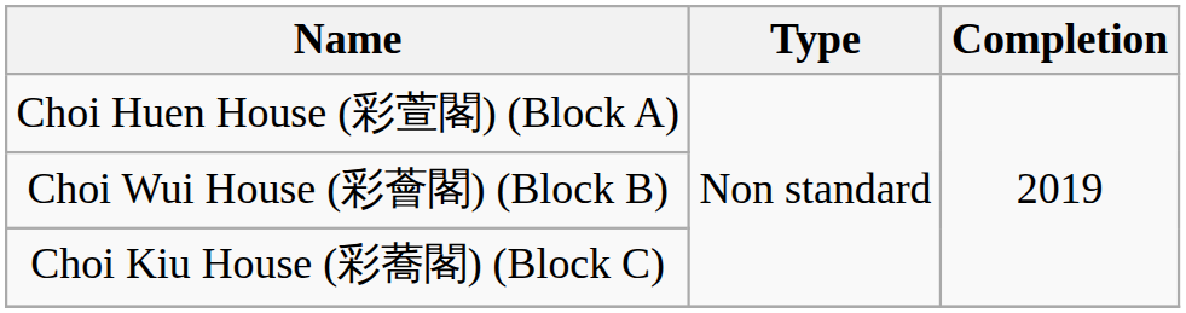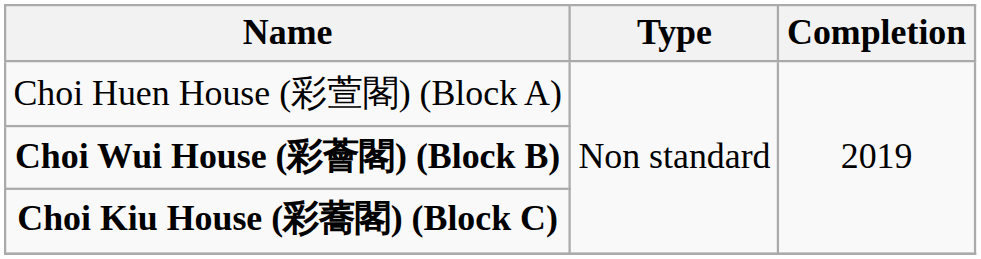 <table class="wikitable" style="text-align: center">
 <tr>
 <th>Name</th>
 <th>Type</th>
 <th>Completion</th>
 </tr>
 <tr>
 <td>Choi Huen House (彩萱閣) (Block A)</td>
 <td rowspan="3">Non standard</td>
 <td rowspan="3">2019</td>
 </tr>
 <tr>
-<td>Choi Wui House  (彩薈閣) (Block B)</td>
+<td><strong>Choi Wui House  (彩薈閣) (Block B)</strong></td>
 </tr>
 <tr>
-<td>Choi Kiu House (彩蕎閣) (Block C)</td>
+<td><strong>Choi Kiu House (彩蕎閣) (Block C)</strong></td>
 </tr>
 <tr>
 </tr>
 </table>
